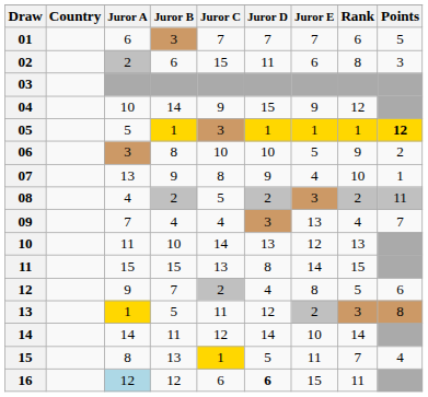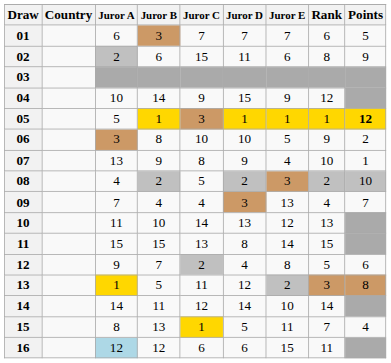 <table class="sortable wikitable collapsible plainrowheaders" style="text-align:center;">
 <tr>
 </tr>
 <tr>
 <th scope="col">Draw</th>
 <th scope="col">Country</th>
 <th scope="col"><small>Juror A</small></th>
 <th scope="col"><small>Juror B</small></th>
 <th scope="col"><small>Juror C</small></th>
 <th scope="col"><small>Juror D</small></th>
 <th scope="col"><small>Juror E</small></th>
 <th scope="col">Rank</th>
 <th scope="col">Points</th>
 </tr>
 <tr>
 <th scope="row" style="text-align:center;">01</th>
 <td style="text-align:left;"></td>
 <td>6</td>
 <td style="background:#CC9966;">3</td>
 <td>7</td>
 <td>7</td>
 <td>7</td>
 <td>6</td>
 <td>5</td>
 </tr>
 <tr>
 <th scope="row" style="text-align:center;">02</th>
 <td style="text-align:left;"></td>
 <td style="background:silver;">2</td>
 <td>6</td>
 <td>15</td>
 <td>11</td>
 <td>6</td>
 <td>8</td>
-<td>3</td>
+<td>9</td>
 </tr>
 <tr class="sortbottom">
 <th scope="row" style="text-align:center;">03</th>
 <td style="text-align:left;"></td>
 <td style="background:#AAAAAA;"></td>
 <td style="background:#AAAAAA;"></td>
 <td style="background:#AAAAAA;"></td>
 <td style="background:#AAAAAA;"></td>
 <td style="background:#AAAAAA;"></td>
 <td style="background:#AAAAAA;"></td>
 <td style="background:#AAAAAA;"></td>
 </tr>
 <tr>
 <th scope="row" style="text-align:center;">04</th>
 <td style="text-align:left;"></td>
 <td>10</td>
 <td>14</td>
 <td>9</td>
 <td>15</td>
 <td>9</td>
 <td>12</td>
 <td style="background:#AAAAAA;"></td>
 </tr>
 <tr>
 <th scope="row" style="text-align:center;">05</th>
 <td style="text-align:left;"></td>
 <td>5</td>
 <td style="background:gold;">1</td>
 <td style="background:#CC9966;">3</td>
 <td style="background:gold;">1</td>
 <td style="background:gold;">1</td>
 <td style="background:gold;">1</td>
 <td style="background:gold;"><strong>12</strong></td>
 </tr>
 <tr>
 <th scope="row" style="text-align:center;">06</th>
 <td style="text-align:left;"></td>
 <td style="background:#CC9966;">3</td>
 <td>8</td>
 <td>10</td>
 <td>10</td>
 <td>5</td>
 <td>9</td>
 <td>2</td>
 </tr>
 <tr>
 <th scope="row" style="text-align:center;">07</th>
 <td style="text-align:left;"></td>
 <td>13</td>
 <td>9</td>
 <td>8</td>
 <td>9</td>
 <td>4</td>
 <td>10</td>
 <td>1</td>
 </tr>
 <tr>
 <th scope="row" style="text-align:center;">08</th>
 <td style="text-align:left;"></td>
 <td>4</td>
 <td style="background:silver;">2</td>
 <td>5</td>
 <td style="background:silver;">2</td>
 <td style="background:#CC9966;">3</td>
 <td style="background:silver;">2</td>
-<td style="background:silver;">11</td>
+<td style="background:silver;">10</td>
 </tr>
 <tr>
 <th scope="row" style="text-align:center;">09</th>
 <td style="text-align:left;"></td>
 <td>7</td>
 <td>4</td>
 <td>4</td>
 <td style="background:#CC9966;">3</td>
 <td>13</td>
 <td>4</td>
 <td>7</td>
 </tr>
 <tr>
 <th scope="row" style="text-align:center;">10</th>
 <td style="text-align:left;"></td>
 <td>11</td>
 <td>10</td>
 <td>14</td>
 <td>13</td>
 <td>12</td>
 <td>13</td>
 <td style="background:#AAAAAA;"></td>
 </tr>
 <tr>
 <th scope="row" style="text-align:center;">11</th>
 <td style="text-align:left;"></td>
 <td>15</td>
 <td>15</td>
 <td>13</td>
 <td>8</td>
 <td>14</td>
 <td>15</td>
 <td style="background:#AAAAAA;"></td>
 </tr>
 <tr>
 <th scope="row" style="text-align:center;">12</th>
 <td style="text-align:left;"></td>
 <td>9</td>
 <td>7</td>
 <td style="background:silver;">2</td>
 <td>4</td>
 <td>8</td>
 <td>5</td>
 <td>6</td>
 </tr>
 <tr>
 <th scope="row" style="text-align:center;">13</th>
 <td style="text-align:left;"></td>
 <td style="background:gold;">1</td>
 <td>5</td>
 <td>11</td>
 <td>12</td>
 <td style="background:silver;">2</td>
 <td style="background:#CC9966;">3</td>
 <td style="background:#CC9966;">8</td>
 </tr>
 <tr>
 <th scope="row" style="text-align:center;">14</th>
 <td style="text-align:left;"></td>
 <td>14</td>
 <td>11</td>
 <td>12</td>
 <td>14</td>
 <td>10</td>
 <td>14</td>
 <td style="background:#AAAAAA;"></td>
 </tr>
 <tr>
 <th scope="row" style="text-align:center;">15</th>
 <td style="text-align:left;"></td>
 <td>8</td>
 <td>13</td>
 <td style="background:gold;">1</td>
 <td>5</td>
 <td>11</td>
 <td>7</td>
 <td>4</td>
 </tr>
 <tr>
 <th scope="row" style="text-align:center;">16</th>
 <td style="text-align:left;"></td>
 <td style="background: lightblue;">12</td>
 <td>12</td>
 <td>6</td>
-<td><strong>6</strong></td>
+<td>6</td>
 <td>15</td>
 <td>11</td>
 <td style="background:#AAAAAA;"></td>
 </tr>
 </table>
